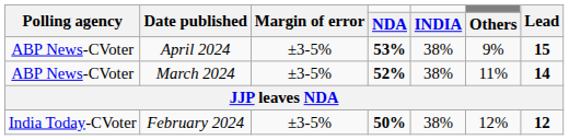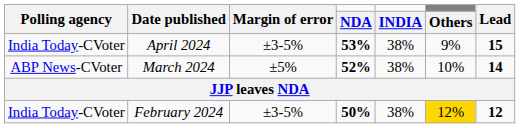 <table class="wikitable sortable" style="text-align:center;font-size:95%;line-height:16px">
 <tr>
 <th rowspan="2">Polling agency</th>
 <th rowspan="2">Date published</th>
 <th rowspan="2">Margin of error</th>
 <td></td>
 <td></td>
 <td bgcolor="grey"></td>
 <th rowspan="2">Lead</th>
 </tr>
 <tr>
 <th><a href='#'>NDA</a></th>
 <th><a href='#'>INDIA</a></th>
 <th>Others</th>
 </tr>
 <tr>
-<td><a href='#'>ABP News</a>-CVoter</td>
+<td><a href='#'>India Today</a>-CVoter</td>
 <td><em>April 2024</em></td>
 <td>±3-5%</td>
 <td bgcolor=><strong>53%</strong></td>
 <td>38%</td>
 <td>9%</td>
 <td bgcolor=><strong>15</strong></td>
 </tr>
 <tr>
 <td><a href='#'>ABP News</a>-CVoter</td>
 <td><em>March 2024</em></td>
-<td>±3-5%</td>
+<td>±5%</td>
 <td bgcolor=><strong>52%</strong></td>
 <td>38%</td>
-<td>11%</td>
+<td>10%</td>
 <td bgcolor=><strong>14</strong></td>
 </tr>
 <tr>
 <th colspan="7"><a href='#'>JJP</a> leaves <a href='#'>NDA</a></th>
 </tr>
 <tr>
 <td><a href='#'>India Today</a>-CVoter</td>
 <td><em>February 2024</em></td>
 <td>±3-5%</td>
 <td><strong>50%</strong></td>
 <td>38%</td>
-<td>12%</td>
+<td style="background: gold;">12%</td>
 <td><strong>12</strong></td>
 </tr>
 </table>
